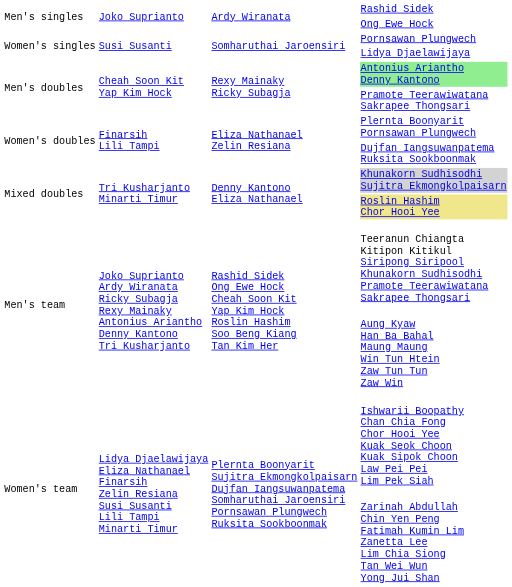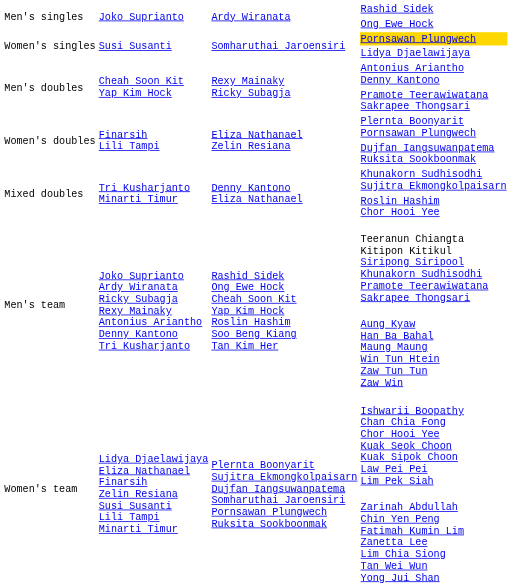 <table>
 <tr>
 <td rowspan="2">Men's singles</td>
 <td rowspan="2"> <a href='#'>Joko Suprianto</a></td>
 <td rowspan="2"> <a href='#'>Ardy Wiranata</a></td>
 <td> <a href='#'>Rashid Sidek</a></td>
 </tr>
 <tr>
 <td> <a href='#'>Ong Ewe Hock</a></td>
 </tr>
 <tr>
 <td rowspan="2">Women's singles</td>
 <td rowspan="2"> <a href='#'>Susi Susanti</a></td>
 <td rowspan="2"> <a href='#'>Somharuthai Jaroensiri</a></td>
-<td> <a href='#'>Pornsawan Plungwech</a></td>
+<td style="background: gold;"> <a href='#'>Pornsawan Plungwech</a></td>
 </tr>
 <tr>
 <td> <a href='#'>Lidya Djaelawijaya</a></td>
 </tr>
 <tr>
 <td rowspan="2">Men's doubles</td>
 <td rowspan="2"> <a href='#'>Cheah Soon Kit</a> <br>  <a href='#'>Yap Kim Hock</a></td>
 <td rowspan="2"> <a href='#'>Rexy Mainaky</a> <br>  <a href='#'>Ricky Subagja</a></td>
-<td style="background: lightgreen;"> <a href='#'>Antonius Ariantho</a> <br>  <a href='#'>Denny Kantono</a></td>
+<td> <a href='#'>Antonius Ariantho</a> <br>  <a href='#'>Denny Kantono</a></td>
 </tr>
 <tr>
 <td> <a href='#'>Pramote Teerawiwatana</a> <br>  <a href='#'>Sakrapee Thongsari</a></td>
 </tr>
 <tr>
 <td rowspan="2">Women's doubles</td>
 <td rowspan="2"> <a href='#'>Finarsih</a> <br>  <a href='#'>Lili Tampi</a></td>
 <td rowspan="2"> <a href='#'>Eliza Nathanael</a> <br>  <a href='#'>Zelin Resiana</a></td>
 <td> <a href='#'>Plernta Boonyarit</a> <br>  <a href='#'>Pornsawan Plungwech</a></td>
 </tr>
 <tr>
 <td> <a href='#'>Dujfan Iangsuwanpatema</a> <br>  <a href='#'>Ruksita Sookboonmak</a></td>
 </tr>
 <tr>
 <td rowspan="2">Mixed doubles</td>
 <td rowspan="2"> <a href='#'>Tri Kusharjanto</a><br>  <a href='#'>Minarti Timur</a></td>
 <td rowspan="2"> <a href='#'>Denny Kantono</a><br>  <a href='#'>Eliza Nathanael</a></td>
-<td style="background: lightgrey;"> <a href='#'>Khunakorn Sudhisodhi</a> <br>  <a href='#'>Sujitra Ekmongkolpaisarn</a></td>
+<td> <a href='#'>Khunakorn Sudhisodhi</a> <br>  <a href='#'>Sujitra Ekmongkolpaisarn</a></td>
 </tr>
 <tr>
-<td style="background: khaki;"> <a href='#'>Roslin Hashim</a> <br>  <a href='#'>Chor Hooi Yee</a></td>
+<td> <a href='#'>Roslin Hashim</a> <br>  <a href='#'>Chor Hooi Yee</a></td>
 </tr>
 <tr>
 <td rowspan="2">Men's team</td>
 <td rowspan="2"> <br><a href='#'>Joko Suprianto</a><br><a href='#'>Ardy Wiranata</a><br><a href='#'>Ricky Subagja</a><br><a href='#'>Rexy Mainaky</a><br><a href='#'>Antonius Ariantho</a><br><a href='#'>Denny Kantono</a><br><a href='#'>Tri Kusharjanto</a></td>
 <td rowspan="2"> <br><a href='#'>Rashid Sidek</a><br><a href='#'>Ong Ewe Hock</a><br><a href='#'>Cheah Soon Kit</a><br><a href='#'>Yap Kim Hock</a><br><a href='#'>Roslin Hashim</a><br><a href='#'>Soo Beng Kiang</a><br><a href='#'>Tan Kim Her</a></td>
 <td> <br>Teeranun Chiangta<br>Kitipon Kitikul<br><a href='#'>Siripong Siripool</a><br><a href='#'>Khunakorn Sudhisodhi</a><br><a href='#'>Pramote Teerawiwatana</a><br><a href='#'>Sakrapee Thongsari</a></td>
 </tr>
 <tr>
 <td> <br><a href='#'>Aung Kyaw</a><br><a href='#'>Han Ba Bahal</a><br><a href='#'>Maung Maung</a><br><a href='#'>Win Tun Htein</a><br><a href='#'>Zaw Tun Tun</a><br><a href='#'>Zaw Win</a></td>
 </tr>
 <tr>
 </tr>
 <tr>
 <td rowspan="2">Women's team</td>
 <td rowspan="2"> <br><a href='#'>Lidya Djaelawijaya</a><br><a href='#'>Eliza Nathanael</a><br><a href='#'>Finarsih</a><br><a href='#'>Zelin Resiana</a><br><a href='#'>Susi Susanti</a><br><a href='#'>Lili Tampi</a><br><a href='#'>Minarti Timur</a></td>
 <td rowspan="2"> <br><a href='#'>Plernta Boonyarit</a><br><a href='#'>Sujitra Ekmongkolpaisarn</a><br><a href='#'>Dujfan Iangsuwanpatema</a><br><a href='#'>Somharuthai Jaroensiri</a><br><a href='#'>Pornsawan Plungwech</a><br><a href='#'>Ruksita Sookboonmak</a></td>
 <td> <br><a href='#'>Ishwarii Boopathy</a><br><a href='#'>Chan Chia Fong</a><br><a href='#'>Chor Hooi Yee</a><br><a href='#'>Kuak Seok Choon</a><br><a href='#'>Kuak Sipok Choon</a><br><a href='#'>Law Pei Pei</a><br><a href='#'>Lim Pek Siah</a></td>
 </tr>
 <tr>
 <td> <br><a href='#'>Zarinah Abdullah</a><br><a href='#'>Chin Yen Peng</a><br><a href='#'>Fatimah Kumin Lim</a><br><a href='#'>Zanetta Lee</a><br><a href='#'>Lim Chia Siong</a><br><a href='#'>Tan Wei Wun</a><br><a href='#'>Yong Jui Shan</a></td>
 </tr>
 <tr>
 </tr>
 </table>
